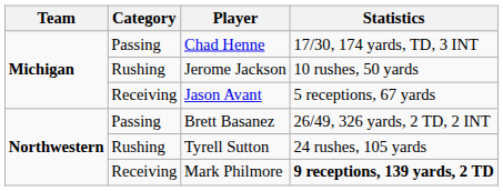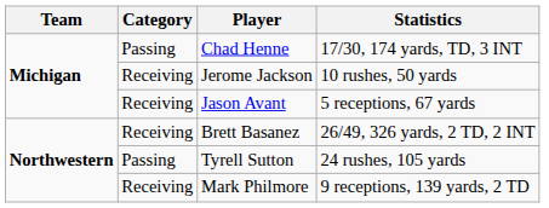 <table class="wikitable" style="float: left;">
 <tr>
 <th>Team</th>
 <th>Category</th>
 <th>Player</th>
 <th>Statistics</th>
 </tr>
 <tr>
 <td rowspan=3><strong>Michigan</strong></td>
 <td>Passing</td>
 <td><a href='#'>Chad Henne</a></td>
 <td>17/30, 174 yards, TD, 3 INT</td>
 </tr>
 <tr>
-<td>Rushing</td>
+<td>Receiving</td>
 <td>Jerome Jackson</td>
 <td>10 rushes, 50 yards</td>
 </tr>
 <tr>
 <td>Receiving</td>
 <td><a href='#'>Jason Avant</a></td>
 <td>5 receptions, 67 yards</td>
 </tr>
 <tr>
 <td rowspan=3><strong>Northwestern</strong></td>
-<td>Passing</td>
+<td>Receiving</td>
 <td>Brett Basanez</td>
 <td>26/49, 326 yards, 2 TD, 2 INT</td>
 </tr>
 <tr>
-<td>Rushing</td>
+<td>Passing</td>
 <td>Tyrell Sutton</td>
 <td>24 rushes, 105 yards</td>
 </tr>
 <tr>
 <td>Receiving</td>
 <td>Mark Philmore</td>
-<td><strong>9 receptions, 139 yards, 2 TD</strong></td>
+<td>9 receptions, 139 yards, 2 TD</td>
 </tr>
 </table>
